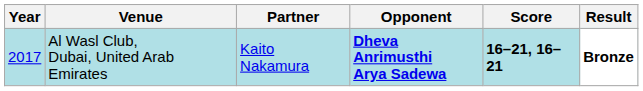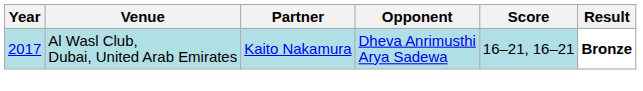 <table class="sortable wikitable" style="font-size: 90%;">
 <tr>
 <th>Year</th>
 <th>Venue</th>
 <th>Partner</th>
 <th>Opponent</th>
 <th>Score</th>
 <th>Result</th>
 </tr>
 <tr style="background:#B0E0E6">
 <td rowspan="4" align="center"><a href='#'>2017</a></td>
 <td rowspan="4" align="left">Al Wasl Club,<br>Dubai, United Arab Emirates</td>
 <td rowspan="4" align="left"> <a href='#'>Kaito Nakamura</a></td>
-<td align="left"><strong> <a href='#'>Dheva Anrimusthi</a><br> <a href='#'>Arya Sadewa</a></strong></td>
-<td align="left"><strong>16–21, 16–21</strong></td>
+<td align="left"> <a href='#'>Dheva Anrimusthi</a><br> <a href='#'>Arya Sadewa</a></td>
+<td align="left">16–21, 16–21</td>
 <td style="text-align:left; background:white"> <strong>Bronze</strong></td>
 </tr>
 </table>
